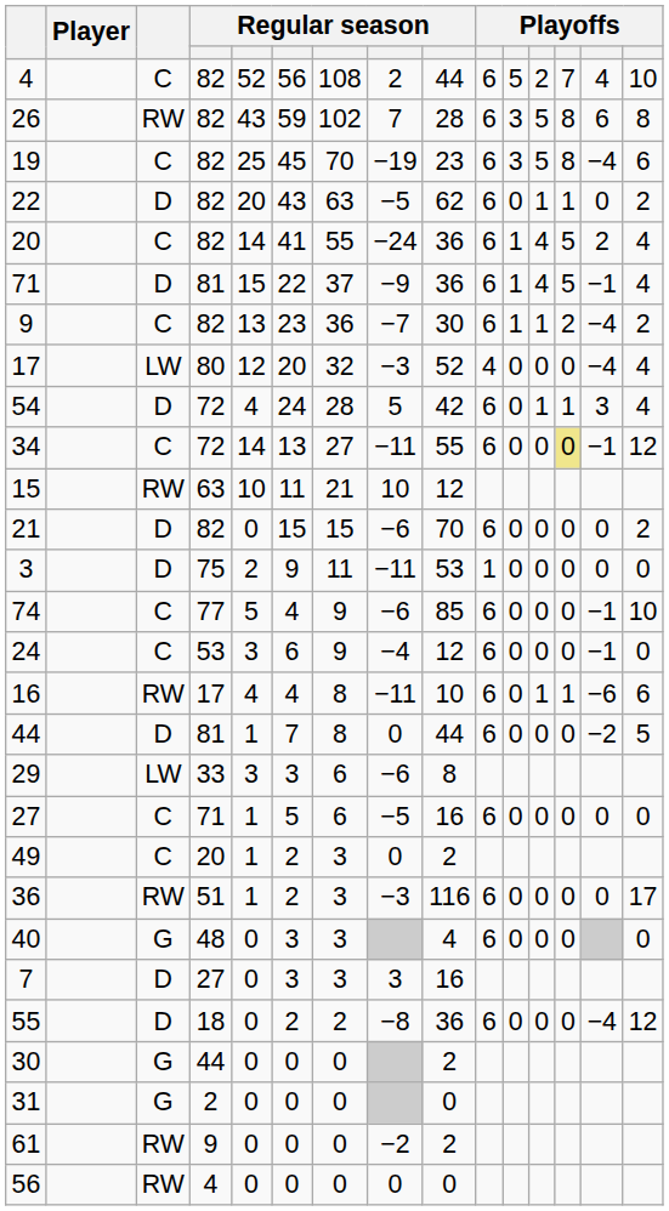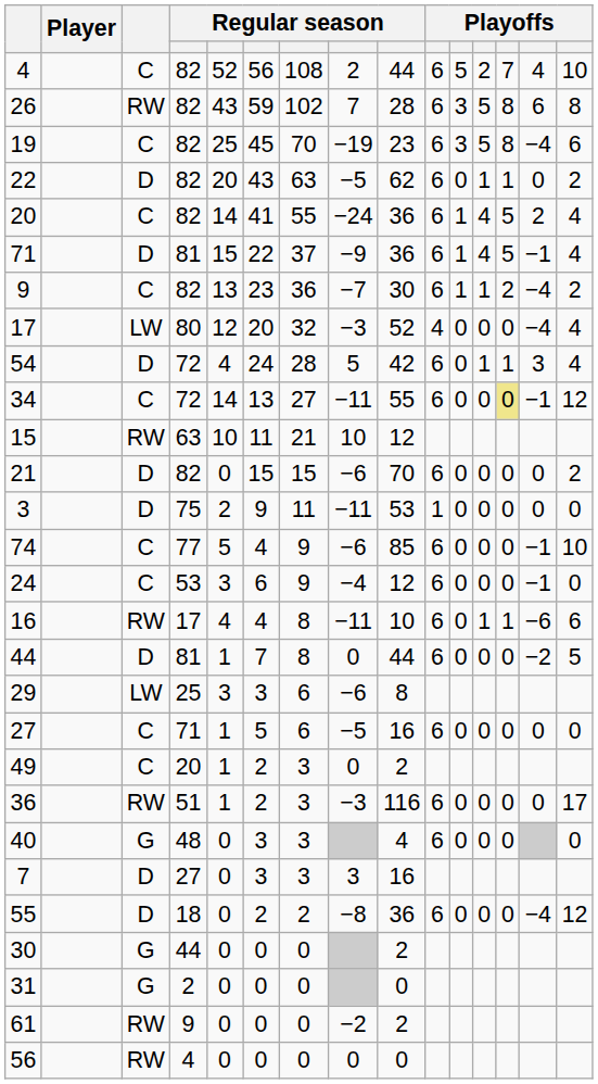 <table class="wikitable sortable plainrowheaders" style="text-align:center;">
 <tr>
 <th scope="col" data-sort-type="number" rowspan="2"></th>
 <th scope="col" rowspan="2">Player</th>
 <th scope="col" rowspan="2"></th>
 <th scope=colgroup colspan=6>Regular season</th>
 <th scope=colgroup colspan=6>Playoffs</th>
 </tr>
 <tr>
 <th scope="col" data-sort-type="number"></th>
 <th scope="col" data-sort-type="number"></th>
 <th scope="col" data-sort-type="number"></th>
 <th scope="col" data-sort-type="number"></th>
 <th scope="col" data-sort-type="number"></th>
 <th scope="col" data-sort-type="number"></th>
 <th scope="col" data-sort-type="number"></th>
 <th scope="col" data-sort-type="number"></th>
 <th scope="col" data-sort-type="number"></th>
 <th scope="col" data-sort-type="number"></th>
 <th scope="col" data-sort-type="number"></th>
 <th scope="col" data-sort-type="number"></th>
 </tr>
 <tr>
 <td scope="row">4</td>
 <td align="left"></td>
 <td>C</td>
 <td>82</td>
 <td>52</td>
 <td>56</td>
 <td>108</td>
 <td>2</td>
 <td>44</td>
 <td>6</td>
 <td>5</td>
 <td>2</td>
 <td>7</td>
 <td>4</td>
 <td>10</td>
 </tr>
 <tr>
 <td scope="row">26</td>
 <td align="left"></td>
 <td>RW</td>
 <td>82</td>
 <td>43</td>
 <td>59</td>
 <td>102</td>
 <td>7</td>
 <td>28</td>
 <td>6</td>
 <td>3</td>
 <td>5</td>
 <td>8</td>
 <td>6</td>
 <td>8</td>
 </tr>
 <tr>
 <td scope="row">19</td>
 <td align="left"></td>
 <td>C</td>
 <td>82</td>
 <td>25</td>
 <td>45</td>
 <td>70</td>
 <td>−19</td>
 <td>23</td>
 <td>6</td>
 <td>3</td>
 <td>5</td>
 <td>8</td>
 <td>−4</td>
 <td>6</td>
 </tr>
 <tr>
 <td scope="row">22</td>
 <td align="left"></td>
 <td>D</td>
 <td>82</td>
 <td>20</td>
 <td>43</td>
 <td>63</td>
 <td>−5</td>
 <td>62</td>
 <td>6</td>
 <td>0</td>
 <td>1</td>
 <td>1</td>
 <td>0</td>
 <td>2</td>
 </tr>
 <tr>
 <td scope="row">20</td>
 <td align="left"></td>
 <td>C</td>
 <td>82</td>
 <td>14</td>
 <td>41</td>
 <td>55</td>
 <td>−24</td>
 <td>36</td>
 <td>6</td>
 <td>1</td>
 <td>4</td>
 <td>5</td>
 <td>2</td>
 <td>4</td>
 </tr>
 <tr>
 <td scope="row">71</td>
 <td align="left"></td>
 <td>D</td>
 <td>81</td>
 <td>15</td>
 <td>22</td>
 <td>37</td>
 <td>−9</td>
 <td>36</td>
 <td>6</td>
 <td>1</td>
 <td>4</td>
 <td>5</td>
 <td>−1</td>
 <td>4</td>
 </tr>
 <tr>
 <td scope="row">9</td>
 <td align="left"></td>
 <td>C</td>
 <td>82</td>
 <td>13</td>
 <td>23</td>
 <td>36</td>
 <td>−7</td>
 <td>30</td>
 <td>6</td>
 <td>1</td>
 <td>1</td>
 <td>2</td>
 <td>−4</td>
 <td>2</td>
 </tr>
 <tr>
 <td scope="row">17</td>
 <td align="left"></td>
 <td>LW</td>
 <td>80</td>
 <td>12</td>
 <td>20</td>
 <td>32</td>
 <td>−3</td>
 <td>52</td>
 <td>4</td>
 <td>0</td>
 <td>0</td>
 <td>0</td>
 <td>−4</td>
 <td>4</td>
 </tr>
 <tr>
 <td scope="row">54</td>
 <td align="left"></td>
 <td>D</td>
 <td>72</td>
 <td>4</td>
 <td>24</td>
 <td>28</td>
 <td>5</td>
 <td>42</td>
 <td>6</td>
 <td>0</td>
 <td>1</td>
 <td>1</td>
 <td>3</td>
 <td>4</td>
 </tr>
 <tr>
 <td scope="row">34</td>
 <td align="left"></td>
 <td>C</td>
 <td>72</td>
 <td>14</td>
 <td>13</td>
 <td>27</td>
 <td>−11</td>
 <td>55</td>
 <td>6</td>
 <td>0</td>
 <td>0</td>
 <td style="background: khaki;">0</td>
 <td>−1</td>
 <td>12</td>
 </tr>
 <tr>
 <td scope="row">15</td>
 <td align="left"></td>
 <td>RW</td>
 <td>63</td>
 <td>10</td>
 <td>11</td>
 <td>21</td>
 <td>10</td>
 <td>12</td>
 <td></td>
 <td></td>
 <td></td>
 <td></td>
 <td></td>
 <td></td>
 </tr>
 <tr>
 <td scope="row">21</td>
 <td align="left"></td>
 <td>D</td>
 <td>82</td>
 <td>0</td>
 <td>15</td>
 <td>15</td>
 <td>−6</td>
 <td>70</td>
 <td>6</td>
 <td>0</td>
 <td>0</td>
 <td>0</td>
 <td>0</td>
 <td>2</td>
 </tr>
 <tr>
 <td scope="row">3</td>
 <td align="left"></td>
 <td>D</td>
 <td>75</td>
 <td>2</td>
 <td>9</td>
 <td>11</td>
 <td>−11</td>
 <td>53</td>
 <td>1</td>
 <td>0</td>
 <td>0</td>
 <td>0</td>
 <td>0</td>
 <td>0</td>
 </tr>
 <tr>
 <td scope="row">74</td>
 <td align="left"></td>
 <td>C</td>
 <td>77</td>
 <td>5</td>
 <td>4</td>
 <td>9</td>
 <td>−6</td>
 <td>85</td>
 <td>6</td>
 <td>0</td>
 <td>0</td>
 <td>0</td>
 <td>−1</td>
 <td>10</td>
 </tr>
 <tr>
 <td scope="row">24</td>
 <td align="left"></td>
 <td>C</td>
 <td>53</td>
 <td>3</td>
 <td>6</td>
 <td>9</td>
 <td>−4</td>
 <td>12</td>
 <td>6</td>
 <td>0</td>
 <td>0</td>
 <td>0</td>
 <td>−1</td>
 <td>0</td>
 </tr>
 <tr>
 <td scope="row">16</td>
 <td align="left"></td>
 <td>RW</td>
 <td>17</td>
 <td>4</td>
 <td>4</td>
 <td>8</td>
 <td>−11</td>
 <td>10</td>
 <td>6</td>
 <td>0</td>
 <td>1</td>
 <td>1</td>
 <td>−6</td>
 <td>6</td>
 </tr>
 <tr>
 <td scope="row">44</td>
 <td align="left"></td>
 <td>D</td>
 <td>81</td>
 <td>1</td>
 <td>7</td>
 <td>8</td>
 <td>0</td>
 <td>44</td>
 <td>6</td>
 <td>0</td>
 <td>0</td>
 <td>0</td>
 <td>−2</td>
 <td>5</td>
 </tr>
 <tr>
 <td scope="row">29</td>
 <td align="left"></td>
 <td>LW</td>
-<td>33</td>
+<td>25</td>
 <td>3</td>
 <td>3</td>
 <td>6</td>
 <td>−6</td>
 <td>8</td>
 <td></td>
 <td></td>
 <td></td>
 <td></td>
 <td></td>
 <td></td>
 </tr>
 <tr>
 <td scope="row">27</td>
 <td align="left"></td>
 <td>C</td>
 <td>71</td>
 <td>1</td>
 <td>5</td>
 <td>6</td>
 <td>−5</td>
 <td>16</td>
 <td>6</td>
 <td>0</td>
 <td>0</td>
 <td>0</td>
 <td>0</td>
 <td>0</td>
 </tr>
 <tr>
 <td scope="row">49</td>
 <td align="left"></td>
 <td>C</td>
 <td>20</td>
 <td>1</td>
 <td>2</td>
 <td>3</td>
 <td>0</td>
 <td>2</td>
 <td></td>
 <td></td>
 <td></td>
 <td></td>
 <td></td>
 <td></td>
 </tr>
 <tr>
 <td scope="row">36</td>
 <td align="left"></td>
 <td>RW</td>
 <td>51</td>
 <td>1</td>
 <td>2</td>
 <td>3</td>
 <td>−3</td>
 <td>116</td>
 <td>6</td>
 <td>0</td>
 <td>0</td>
 <td>0</td>
 <td>0</td>
 <td>17</td>
 </tr>
 <tr>
 <td scope="row">40</td>
 <td align="left"></td>
 <td>G</td>
 <td>48</td>
 <td>0</td>
 <td>3</td>
 <td>3</td>
 <td style="background:#ccc"></td>
 <td>4</td>
 <td>6</td>
 <td>0</td>
 <td>0</td>
 <td>0</td>
 <td style="background:#ccc"></td>
 <td>0</td>
 </tr>
 <tr>
 <td scope="row">7</td>
 <td align="left"></td>
 <td>D</td>
 <td>27</td>
 <td>0</td>
 <td>3</td>
 <td>3</td>
 <td>3</td>
 <td>16</td>
 <td></td>
 <td></td>
 <td></td>
 <td></td>
 <td></td>
 <td></td>
 </tr>
 <tr>
 <td scope="row">55</td>
 <td align="left"></td>
 <td>D</td>
 <td>18</td>
 <td>0</td>
 <td>2</td>
 <td>2</td>
 <td>−8</td>
 <td>36</td>
 <td>6</td>
 <td>0</td>
 <td>0</td>
 <td>0</td>
 <td>−4</td>
 <td>12</td>
 </tr>
 <tr>
 <td scope="row">30</td>
 <td align="left"></td>
 <td>G</td>
 <td>44</td>
 <td>0</td>
 <td>0</td>
 <td>0</td>
 <td style="background:#ccc"></td>
 <td>2</td>
 <td></td>
 <td></td>
 <td></td>
 <td></td>
 <td></td>
 <td></td>
 </tr>
 <tr>
 <td scope="row">31</td>
 <td align="left"></td>
 <td>G</td>
 <td>2</td>
 <td>0</td>
 <td>0</td>
 <td>0</td>
 <td style="background:#ccc"></td>
 <td>0</td>
 <td></td>
 <td></td>
 <td></td>
 <td></td>
 <td></td>
 <td></td>
 </tr>
 <tr>
 <td scope="row">61</td>
 <td align="left"></td>
 <td>RW</td>
 <td>9</td>
 <td>0</td>
 <td>0</td>
 <td>0</td>
 <td>−2</td>
 <td>2</td>
 <td></td>
 <td></td>
 <td></td>
 <td></td>
 <td></td>
 <td></td>
 </tr>
 <tr>
 <td scope="row">56</td>
 <td align="left"></td>
 <td>RW</td>
 <td>4</td>
 <td>0</td>
 <td>0</td>
 <td>0</td>
 <td>0</td>
 <td>0</td>
 <td></td>
 <td></td>
 <td></td>
 <td></td>
 <td></td>
 <td></td>
 </tr>
 </table>
